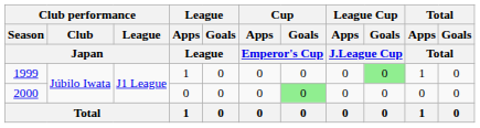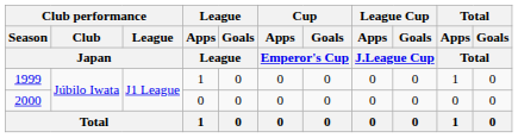 <table class="wikitable" style="text-align:center;">
 <tr>
 <th colspan=3>Club performance</th>
 <th colspan=2>League</th>
 <th colspan=2>Cup</th>
 <th colspan=2>League Cup</th>
 <th colspan=2>Total</th>
 </tr>
 <tr>
 <th>Season</th>
 <th>Club</th>
 <th>League</th>
 <th>Apps</th>
 <th>Goals</th>
 <th>Apps</th>
 <th>Goals</th>
 <th>Apps</th>
 <th>Goals</th>
 <th>Apps</th>
 <th>Goals</th>
 </tr>
 <tr>
 <th colspan=3>Japan</th>
 <th colspan=2>League</th>
 <th colspan=2><a href='#'>Emperor's Cup</a></th>
 <th colspan=2><a href='#'>J.League Cup</a></th>
 <th colspan=2>Total</th>
 </tr>
 <tr>
 <td><a href='#'>1999</a></td>
 <td rowspan="2"><a href='#'>Júbilo Iwata</a></td>
 <td rowspan="2"><a href='#'>J1 League</a></td>
 <td>1</td>
 <td>0</td>
 <td>0</td>
 <td>0</td>
 <td>0</td>
-<td style="background: lightgreen;">0</td>
+<td>0</td>
 <td>1</td>
 <td>0</td>
 </tr>
 <tr>
 <td><a href='#'>2000</a></td>
 <td>0</td>
 <td>0</td>
 <td>0</td>
-<td style="background: lightgreen;">0</td>
+<td>0</td>
 <td>0</td>
 <td>0</td>
 <td>0</td>
 <td>0</td>
 </tr>
 <tr>
 <th colspan=3>Total</th>
 <th>1</th>
 <th>0</th>
 <th>0</th>
 <th>0</th>
 <th>0</th>
 <th>0</th>
 <th>1</th>
 <th>0</th>
 </tr>
 </table>
